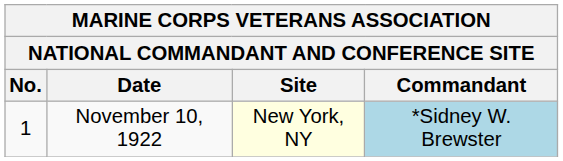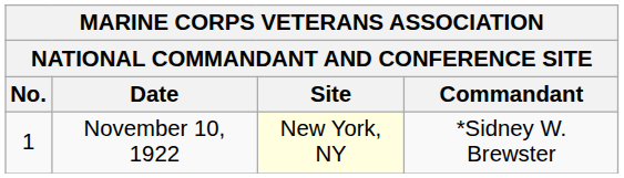 <table class="wikitable" style="margin-left: auto; margin-right: auto; border: none; width:70%; text-align:center; cellpadding: 2; cellspacing: 0;">
 <tr>
 <th colspan="5">MARINE CORPS VETERANS ASSOCIATION</th>
 </tr>
 <tr>
 <th colspan="5">NATIONAL COMMANDANT AND CONFERENCE SITE</th>
 </tr>
 <tr>
 <th>No.</th>
 <th>Date</th>
 <th>Site</th>
 <th>Commandant</th>
 </tr>
 <tr>
 <td style="text-align:center;">1</td>
 <td style="text-align:center;">November 10, 1922</td>
 <td style="background: lightyellow; text-align:center;">New York, NY</td>
-<td style="background: lightblue; text-align:center;">*Sidney W. Brewster</td>
+<td style="text-align:center;">*Sidney W. Brewster</td>
 </tr>
 <tr>
 </tr>
 </table>
